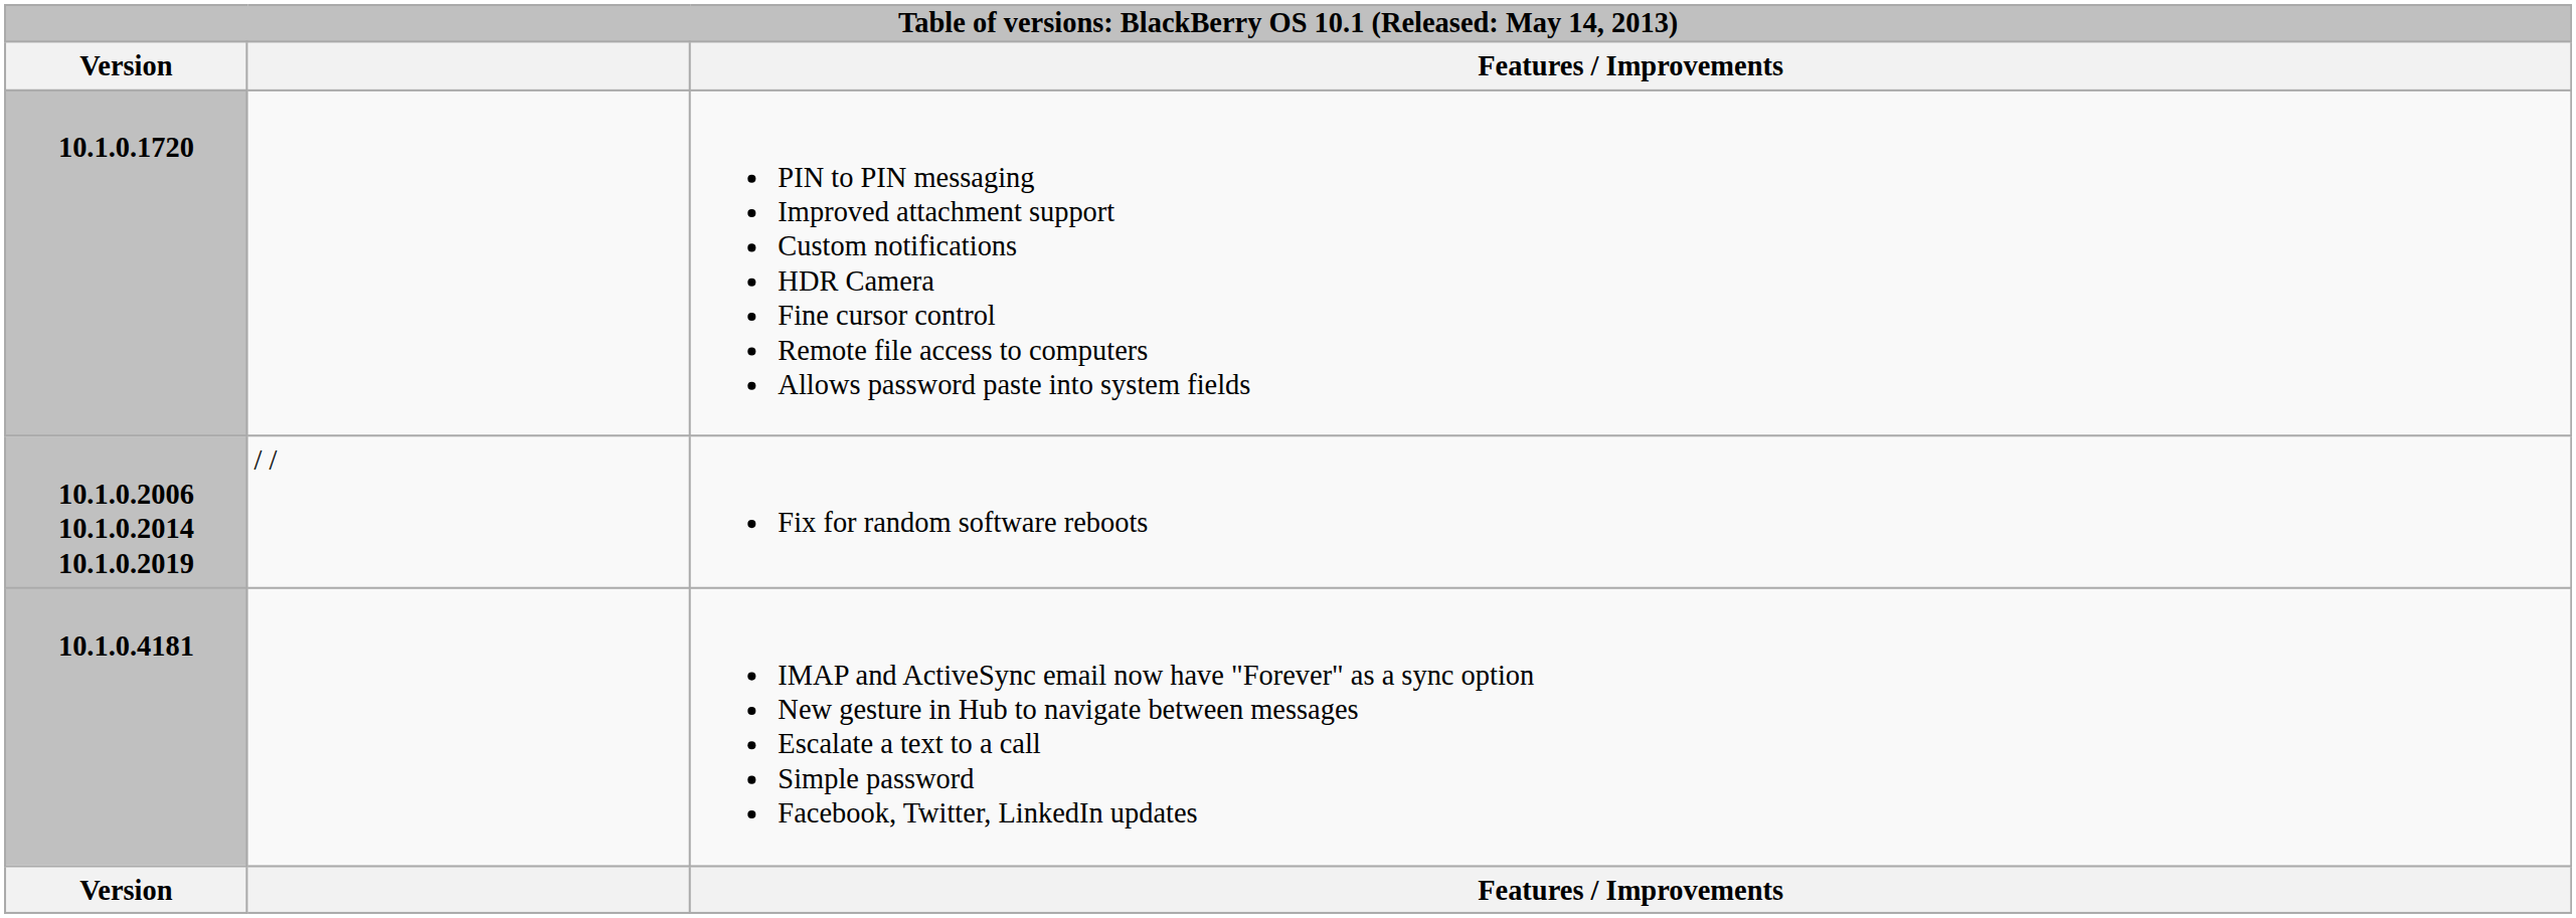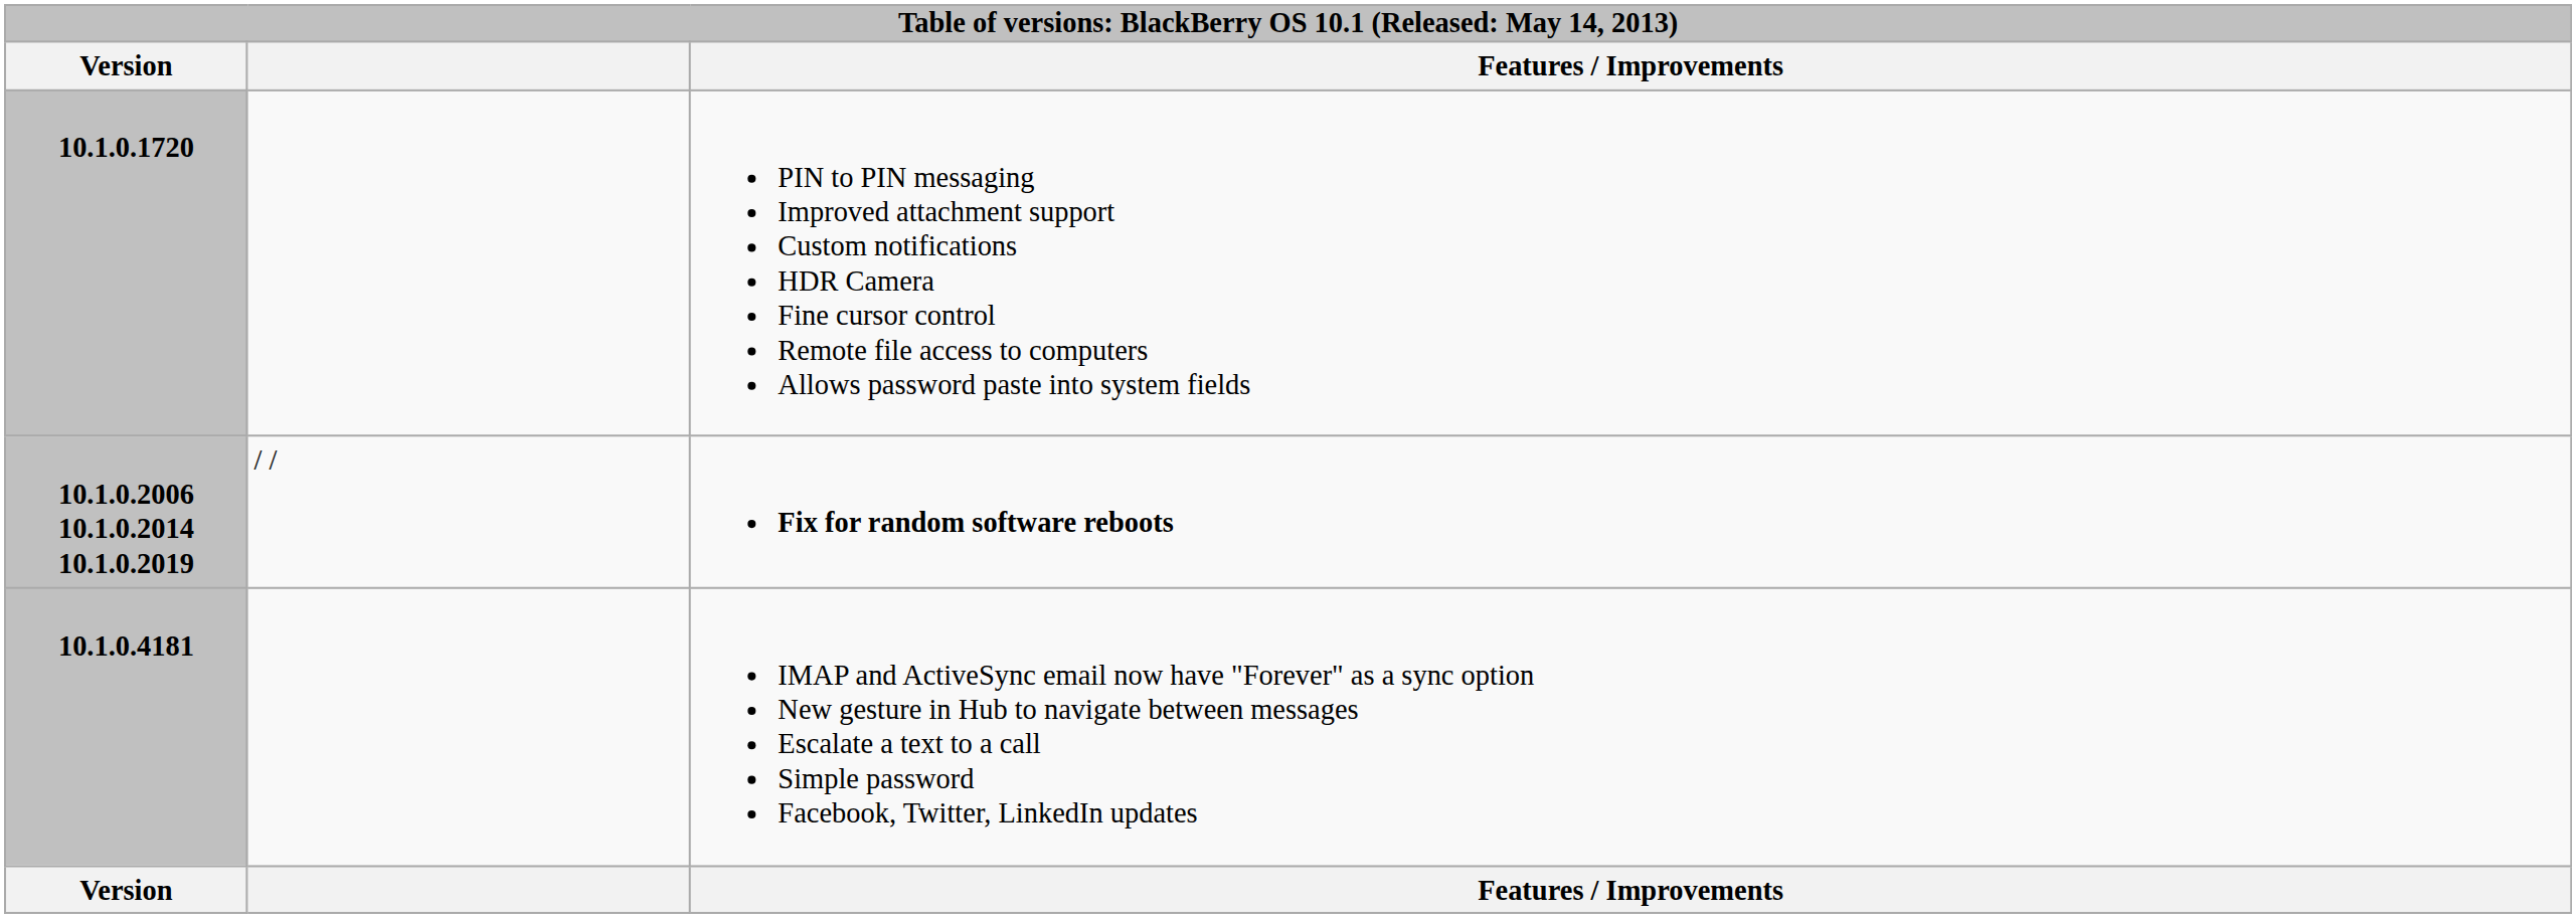 <table class="wikitable collapsible collapsed" style="width:100%; font-size:88%;">
 <tr>
 <th style="background:silver; padding:0 0.5em;" colspan="5">Table of versions: BlackBerry OS 10.1 (Released: May 14, 2013)</th>
 </tr>
 <tr>
 <th style="width:8em; ">Version</th>
 <th style="width:15em; "></th>
 <th>Features / Improvements</th>
 </tr>
 <tr valign="top">
 <th style="background:silver; white-space:nowrap;"><br>10.1.0.1720</th>
 <td></td>
 <td><br><ul><li>PIN to PIN messaging</li><li>Improved attachment support</li><li>Custom notifications</li><li>HDR Camera</li><li>Fine cursor control</li><li>Remote file access to computers</li><li>Allows password paste into system fields</li></ul></td>
 </tr>
 <tr valign="top">
 <th style="background:silver; white-space:nowrap;"><br>10.1.0.2006<br>10.1.0.2014<br>10.1.0.2019</th>
 <td> /  / </td>
-<td><br><ul><li>Fix for random software reboots</li></ul></td>
+<td><strong><br><ul><li>Fix for random software reboots</li></ul></strong></td>
 </tr>
 <tr valign="top">
 <th style="background:silver; white-space:nowrap;"><br>10.1.0.4181</th>
 <td></td>
 <td><br><ul><li>IMAP and ActiveSync email now have "Forever" as a sync option</li><li>New gesture in Hub to navigate between messages</li><li>Escalate a text to a call</li><li>Simple password</li><li>Facebook, Twitter, LinkedIn updates</li></ul></td>
 </tr>
 <tr class="sortbottom">
 <th style="width:8em; ">Version</th>
 <th style="width:15em; "></th>
 <th>Features / Improvements</th>
 </tr>
 </table>
